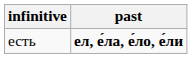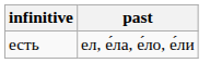 <table class="wikitable">
 <tr>
 <th>infinitive</th>
 <th>past</th>
 </tr>
 <tr>
 <td>есть</td>
-<td><strong>ел, е́ла, е́ло, е́ли</strong></td>
+<td>ел, е́ла, е́ло, е́ли</td>
 </tr>
 </table>
